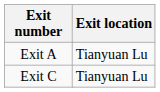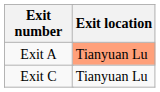 <table class="wikitable">
 <tr>
 <th style="width:70px" colspan="2">Exit number</th>
 <th>Exit location</th>
 </tr>
 <tr>
 <td align="center" colspan="2">Exit A</td>
-<td>Tianyuan Lu</td>
+<td style="background: lightsalmon;">Tianyuan Lu</td>
 </tr>
 <tr>
 <td align="center" colspan="2">Exit C</td>
 <td>Tianyuan Lu</td>
 </tr>
 </table>
